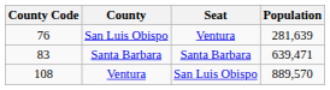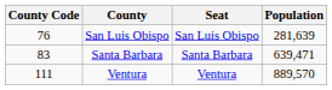 <table class="wikitable sortable" style="text-align:center;">
 <tr>
 <th> County Code</th>
 <th>County</th>
 <th>Seat</th>
 <th>Population</th>
 </tr>
 <tr>
 <td>76</td>
 <td><a href='#'>San Luis Obispo</a></td>
-<td><a href='#'>Ventura</a></td>
+<td><a href='#'>San Luis Obispo</a></td>
 <td>281,639</td>
 </tr>
 <tr>
 <td>83</td>
 <td><a href='#'>Santa Barbara</a></td>
 <td><a href='#'>Santa Barbara</a></td>
 <td>639,471</td>
 </tr>
 <tr>
-<td>108</td>
+<td>111</td>
 <td><a href='#'>Ventura</a></td>
-<td><a href='#'>San Luis Obispo</a></td>
+<td><a href='#'>Ventura</a></td>
 <td>889,570</td>
 </tr>
 </table>
